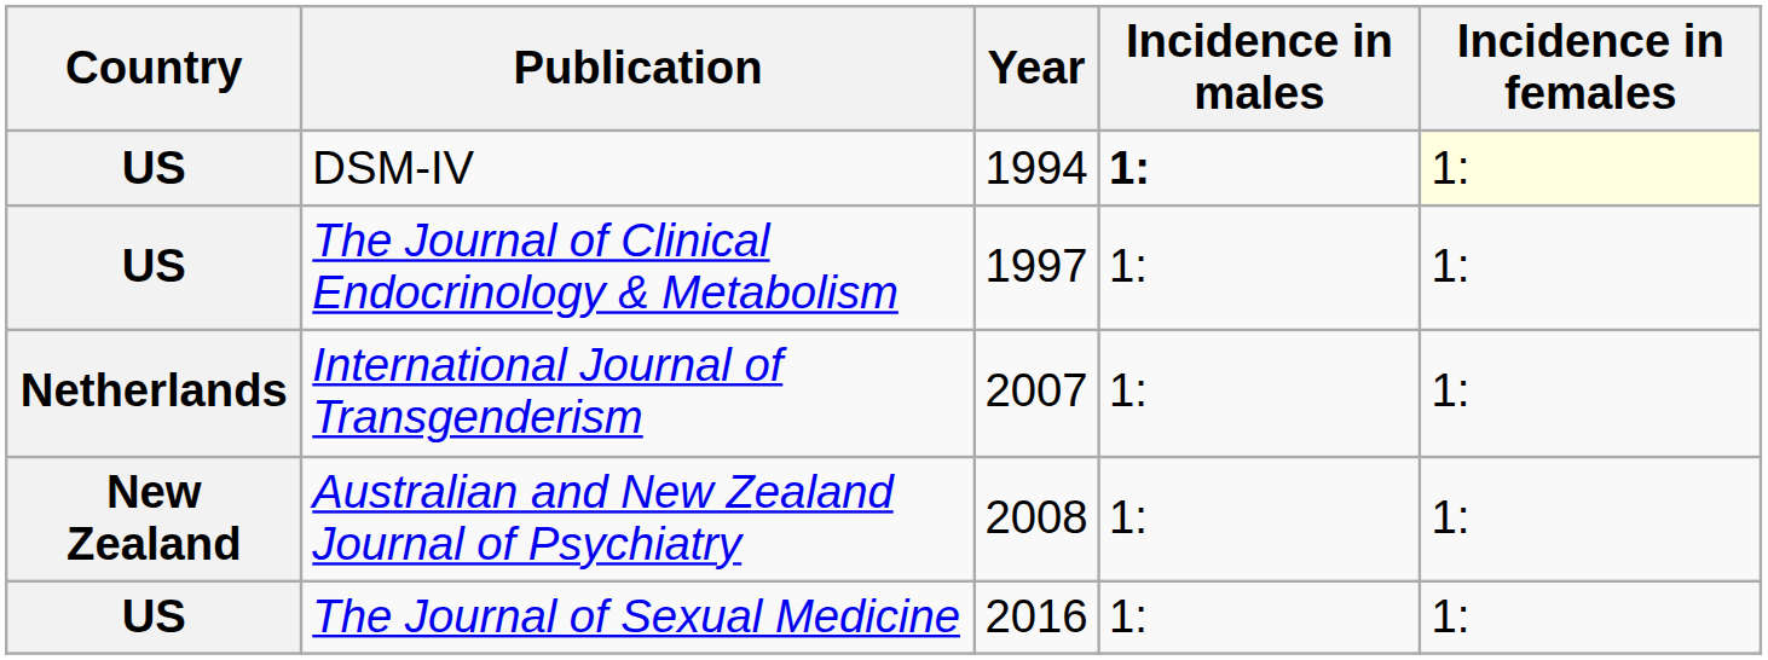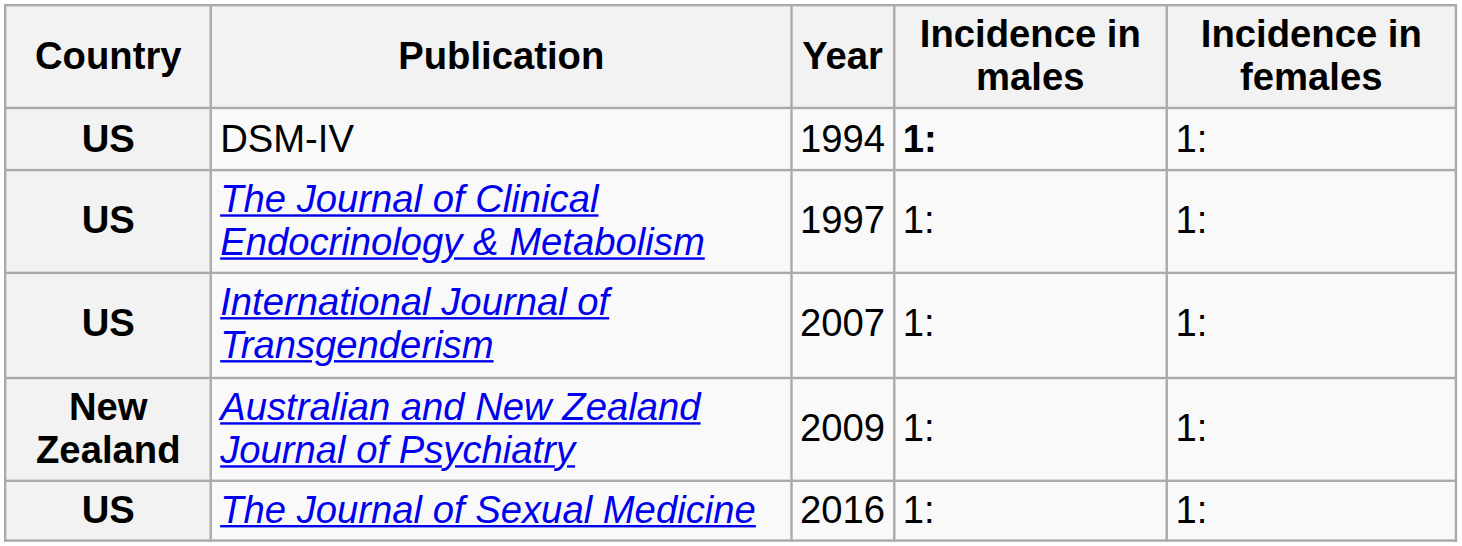 <table class="wikitable sortable plainrowheaders">
 <tr>
 <th scope="col">Country</th>
 <th scope="col">Publication</th>
 <th scope="col">Year</th>
 <th scope="col">Incidence in males</th>
 <th scope="col">Incidence in females</th>
 </tr>
 <tr>
 <th scope="row">US</th>
 <td>DSM-IV</td>
 <td>1994</td>
 <td><strong>1:</strong></td>
-<td style="background: lightyellow;">1:</td>
+<td>1:</td>
 </tr>
 <tr>
 <th scope="row">US</th>
 <td><em><a href='#'>The Journal of Clinical Endocrinology & Metabolism</a></em></td>
 <td>1997</td>
 <td>1:</td>
 <td>1:</td>
 </tr>
 <tr>
-<th scope="row">Netherlands</th>
+<th scope="row">US</th>
 <td><em><a href='#'>International Journal of Transgenderism</a></em></td>
 <td>2007</td>
 <td>1:</td>
 <td>1:</td>
 </tr>
 <tr>
 <th scope="row">New Zealand</th>
 <td><em><a href='#'>Australian and New Zealand Journal of Psychiatry</a></em></td>
-<td>2008</td>
+<td>2009</td>
 <td>1:</td>
 <td>1:</td>
 </tr>
 <tr>
 <th scope="row">US</th>
 <td><em><a href='#'>The Journal of Sexual Medicine</a></em></td>
 <td>2016</td>
 <td>1:</td>
 <td>1:</td>
 </tr>
 </table>
